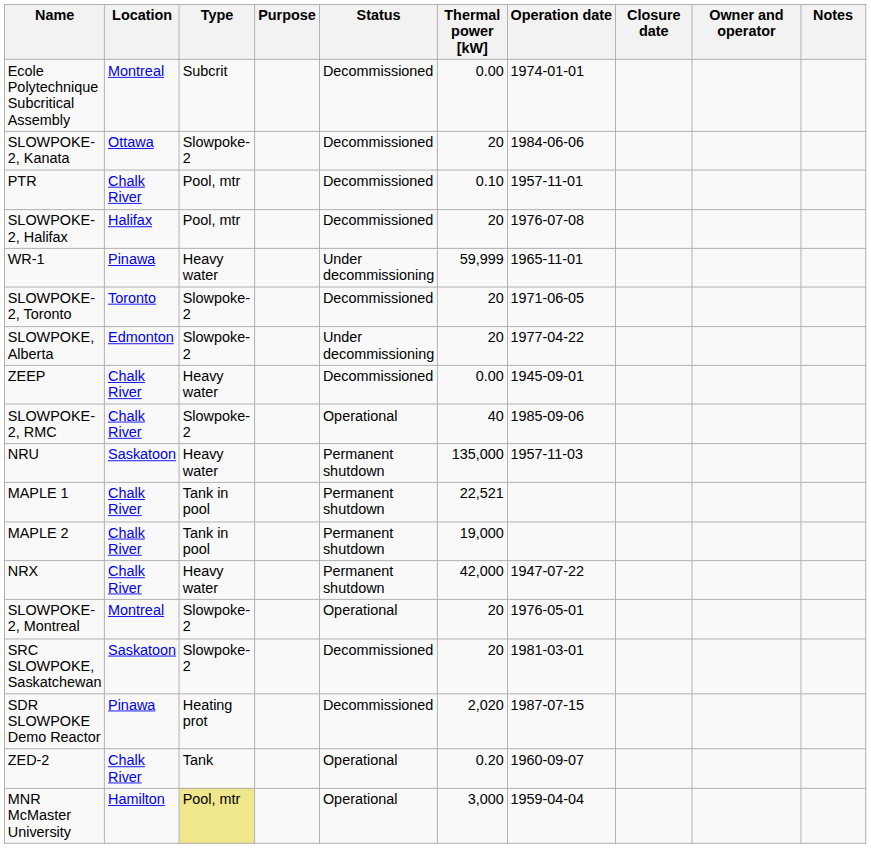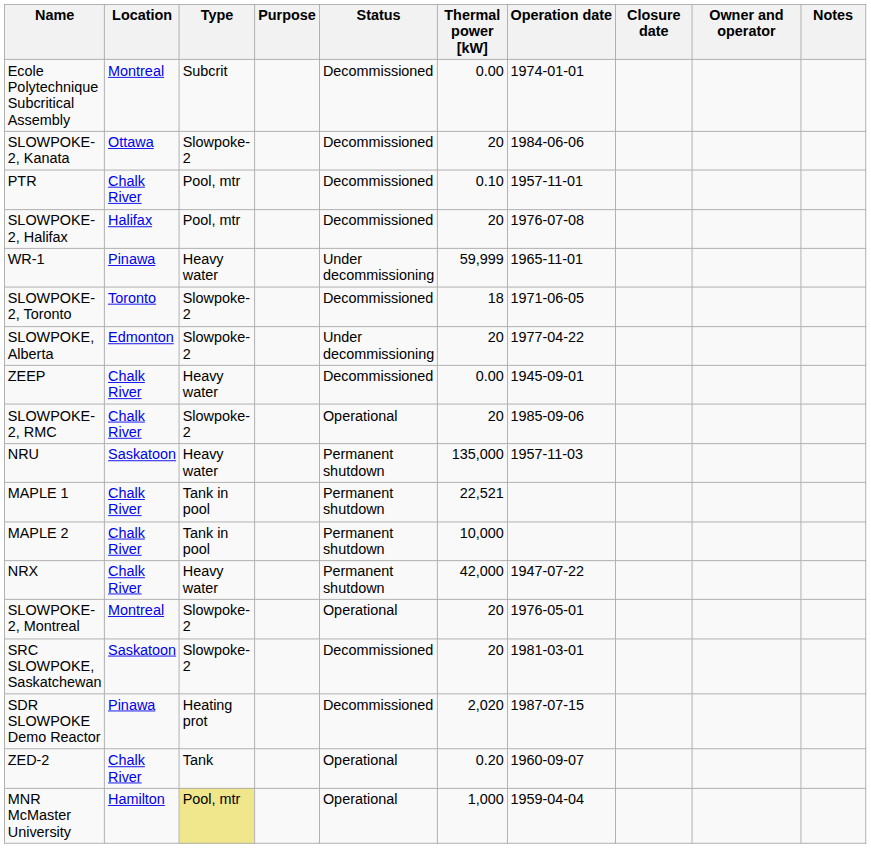 <table class="wikitable" >
 <tr valign="top">
 <th width="80">Name</th>
 <th width="65">Location</th>
 <th width="76">Type</th>
 <th width="65">Purpose</th>
 <th width="91">Status</th>
 <th width="70“">Thermal power [kW]</th>
 <th width=„67“>Operation date</th>
 <th width="78“">Closure date</th>
 <th width="113“">Owner and operator</th>
 <th width="65">Notes</th>
 </tr>
 <tr valign="top">
 <td>Ecole Polytechnique Subcritical Assembly</td>
 <td><a href='#'>Montreal</a></td>
 <td>Subcrit</td>
 <td></td>
 <td>Decommissioned</td>
 <td align="right">0.00</td>
 <td>1974-01-01</td>
 <td></td>
 <td></td>
 <td></td>
 </tr>
 <tr valign="top">
 <td>SLOWPOKE-2, Kanata</td>
 <td><a href='#'>Ottawa</a></td>
 <td>Slowpoke-2</td>
 <td></td>
 <td>Decommissioned</td>
 <td align="right">20</td>
 <td>1984-06-06</td>
 <td></td>
 <td></td>
 <td></td>
 </tr>
 <tr valign="top">
 <td>PTR</td>
 <td><a href='#'>Chalk River</a></td>
 <td>Pool, mtr</td>
 <td></td>
 <td>Decommissioned</td>
 <td align="right">0.10</td>
 <td>1957-11-01</td>
 <td></td>
 <td></td>
 <td></td>
 </tr>
 <tr valign="top">
 <td>SLOWPOKE-2, Halifax</td>
 <td><a href='#'>Halifax</a></td>
 <td>Pool, mtr</td>
 <td></td>
 <td>Decommissioned</td>
 <td align="right">20</td>
 <td>1976-07-08</td>
 <td></td>
 <td></td>
 <td></td>
 </tr>
 <tr valign="top">
 <td>WR-1</td>
 <td><a href='#'>Pinawa</a></td>
 <td>Heavy water</td>
 <td></td>
 <td>Under decommissioning</td>
 <td align="right">59,999</td>
 <td>1965-11-01</td>
 <td></td>
 <td></td>
 <td></td>
 </tr>
 <tr valign="top">
 <td>SLOWPOKE-2, Toronto</td>
 <td><a href='#'>Toronto</a></td>
 <td>Slowpoke-2</td>
 <td></td>
 <td>Decommissioned</td>
-<td align="right">20</td>
+<td align="right">18</td>
 <td>1971-06-05</td>
 <td></td>
 <td></td>
 <td></td>
 </tr>
 <tr valign="top">
 <td>SLOWPOKE, Alberta</td>
 <td><a href='#'>Edmonton</a></td>
 <td>Slowpoke-2</td>
 <td></td>
 <td>Under decommissioning</td>
 <td align="right">20</td>
 <td>1977-04-22</td>
 <td></td>
 <td></td>
 <td></td>
 </tr>
 <tr valign="top">
 <td>ZEEP</td>
 <td><a href='#'>Chalk River</a></td>
 <td>Heavy water</td>
 <td></td>
 <td>Decommissioned</td>
 <td align="right">0.00</td>
 <td>1945-09-01</td>
 <td></td>
 <td></td>
 <td></td>
 </tr>
 <tr valign="top">
 <td>SLOWPOKE-2, RMC</td>
 <td><a href='#'>Chalk River</a></td>
 <td>Slowpoke-2</td>
 <td></td>
 <td>Operational</td>
-<td align="right">40</td>
+<td align="right">20</td>
 <td>1985-09-06</td>
 <td></td>
 <td></td>
 <td></td>
 </tr>
 <tr valign="top">
 <td>NRU</td>
 <td><a href='#'>Saskatoon</a></td>
 <td>Heavy water</td>
 <td></td>
 <td>Permanent shutdown</td>
 <td align="right">135,000</td>
 <td>1957-11-03</td>
 <td></td>
 <td></td>
 <td></td>
 </tr>
 <tr valign="top">
 <td>MAPLE 1</td>
 <td><a href='#'>Chalk River</a></td>
 <td>Tank in pool</td>
 <td></td>
 <td>Permanent shutdown</td>
 <td align="right">22,521</td>
 <td> </td>
 <td></td>
 <td></td>
 <td></td>
 </tr>
 <tr valign="top">
 <td>MAPLE 2</td>
 <td><a href='#'>Chalk River</a></td>
 <td>Tank in pool</td>
 <td></td>
 <td>Permanent shutdown</td>
-<td align="right">19,000</td>
+<td align="right">10,000</td>
 <td> </td>
 <td></td>
 <td></td>
 <td></td>
 </tr>
 <tr valign="top">
 <td>NRX</td>
 <td><a href='#'>Chalk River</a></td>
 <td>Heavy water</td>
 <td></td>
 <td>Permanent shutdown</td>
 <td align="right">42,000</td>
 <td>1947-07-22</td>
 <td></td>
 <td></td>
 <td></td>
 </tr>
 <tr valign="top">
 <td>SLOWPOKE-2, Montreal</td>
 <td><a href='#'>Montreal</a></td>
 <td>Slowpoke-2</td>
 <td></td>
 <td>Operational</td>
 <td align="right">20</td>
 <td>1976-05-01</td>
 <td></td>
 <td></td>
 <td></td>
 </tr>
 <tr valign="top">
 <td>SRC SLOWPOKE, Saskatchewan</td>
 <td><a href='#'>Saskatoon</a></td>
 <td>Slowpoke-2</td>
 <td></td>
 <td>Decommissioned</td>
 <td align="right">20</td>
 <td>1981-03-01</td>
 <td></td>
 <td></td>
 <td></td>
 </tr>
 <tr valign="top">
 <td>SDR SLOWPOKE Demo Reactor</td>
 <td><a href='#'>Pinawa</a></td>
 <td>Heating prot</td>
 <td></td>
 <td>Decommissioned</td>
 <td align="right">2,020</td>
 <td>1987-07-15</td>
 <td></td>
 <td></td>
 <td></td>
 </tr>
 <tr valign="top">
 <td>ZED-2</td>
 <td><a href='#'>Chalk River</a></td>
 <td>Tank</td>
 <td></td>
 <td>Operational</td>
 <td align="right">0.20</td>
 <td>1960-09-07</td>
 <td></td>
 <td></td>
 <td></td>
 </tr>
 <tr valign="top">
 <td>MNR McMaster University</td>
 <td><a href='#'>Hamilton</a></td>
 <td style="background: khaki;">Pool, mtr</td>
 <td></td>
 <td>Operational</td>
-<td align="right">3,000</td>
+<td align="right">1,000</td>
 <td>1959-04-04</td>
 <td></td>
 <td></td>
 <td></td>
 </tr>
 </table>
